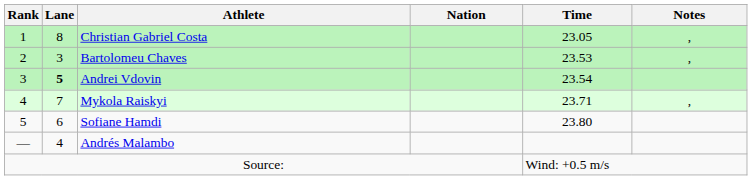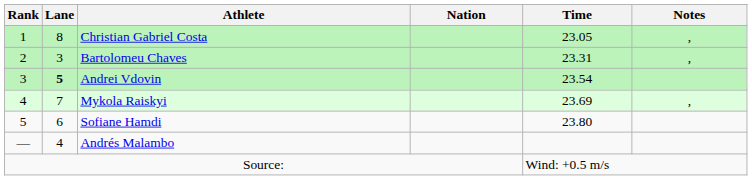 <table class="wikitable sortable" style="text-align:center;width: 70%;">
 <tr>
 <th scope="col" style="width: 10px;">Rank</th>
 <th scope="col" style="width: 10px;">Lane</th>
 <th scope="col">Athlete</th>
 <th scope="col">Nation</th>
 <th scope="col">Time</th>
 <th scope="col">Notes</th>
 </tr>
 <tr bgcolor=bbf3bb>
 <td>1</td>
 <td>8</td>
 <td align=left><a href='#'>Christian Gabriel Costa</a></td>
 <td align=left></td>
 <td>23.05</td>
 <td>, </td>
 </tr>
 <tr bgcolor=bbf3bb>
 <td>2</td>
 <td>3</td>
 <td align=left><a href='#'>Bartolomeu Chaves</a></td>
 <td align=left></td>
-<td>23.53</td>
+<td>23.31</td>
 <td>, </td>
 </tr>
 <tr bgcolor=bbf3bb>
 <td>3</td>
 <td><strong>5</strong></td>
 <td align=left><a href='#'>Andrei Vdovin</a></td>
 <td align=left></td>
 <td>23.54</td>
 <td></td>
 </tr>
 <tr bgcolor=ddffdd>
 <td>4</td>
 <td>7</td>
 <td align=left><a href='#'>Mykola Raiskyi</a></td>
 <td align=left></td>
-<td>23.71</td>
+<td>23.69</td>
 <td>, </td>
 </tr>
 <tr>
 <td>5</td>
 <td>6</td>
 <td align=left><a href='#'>Sofiane Hamdi</a></td>
 <td align=left></td>
 <td>23.80</td>
 <td></td>
 </tr>
 <tr>
 <td>—</td>
 <td>4</td>
 <td align=left><a href='#'>Andrés Malambo</a></td>
 <td align=left></td>
 <td></td>
 <td></td>
 </tr>
 <tr class="sortbottom">
 <td colspan="4">Source:</td>
 <td colspan="2" style="text-align:left;">Wind: +0.5 m/s</td>
 </tr>
 </table>
